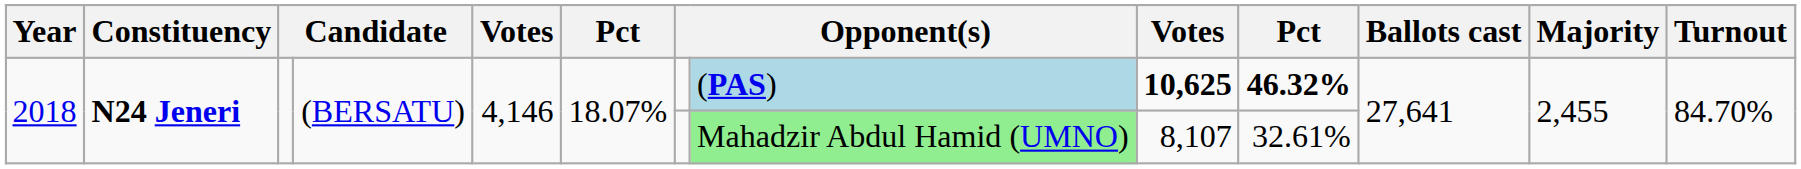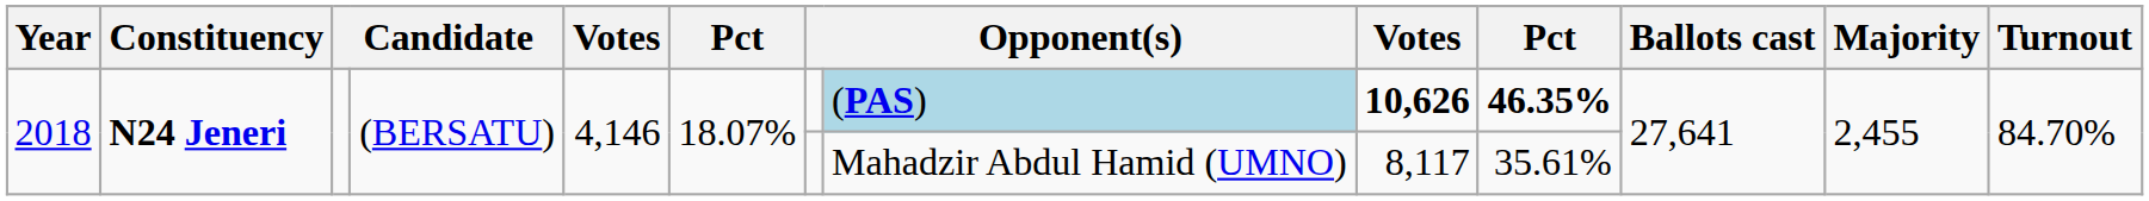 <table class="wikitable" style="margin:0.5em ; font-size:95%">
 <tr>
 <th>Year</th>
 <th>Constituency</th>
 <th colspan=2>Candidate</th>
 <th>Votes</th>
 <th>Pct</th>
 <th colspan=2>Opponent(s)</th>
 <th>Votes</th>
 <th>Pct</th>
 <th>Ballots cast</th>
 <th>Majority</th>
 <th>Turnout</th>
 </tr>
 <tr>
 <td rowspan=2><a href='#'>2018</a></td>
 <td rowspan=2><strong>N24 <a href='#'>Jeneri</a></strong></td>
 <td rowspan=2 ></td>
 <td rowspan=2> (<a href='#'>BERSATU</a>)</td>
 <td rowspan=2 align="right">4,146</td>
 <td rowspan=2>18.07%</td>
 <td></td>
 <td style="background: lightblue;"> (<a href='#'><strong>PAS</strong></a>)</td>
-<td align="right"><strong>10,625</strong></td>
-<td><strong>46.32%</strong></td>
+<td align="right"><strong>10,626</strong></td>
+<td><strong>46.35%</strong></td>
 <td rowspan=2>27,641</td>
 <td rowspan=2>2,455</td>
 <td rowspan=2>84.70%</td>
 </tr>
 <tr>
 <td></td>
-<td style="background: lightgreen;">Mahadzir Abdul Hamid (<a href='#'>UMNO</a>)</td>
-<td align="right">8,107</td>
-<td align="right">32.61%</td>
+<td>Mahadzir Abdul Hamid (<a href='#'>UMNO</a>)</td>
+<td align="right">8,117</td>
+<td align="right">35.61%</td>
 </tr>
 </table>
